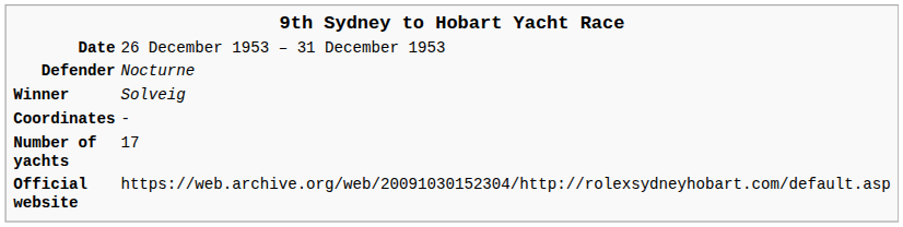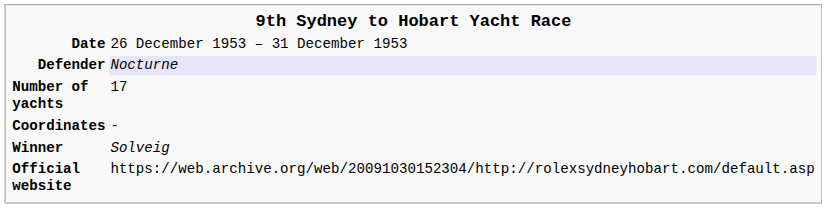 <table class="infobox" style="width: 23em; font-size: 90%">
 <tr>
 <th colspan="2" style="text-align: center; font-size: larger;"><strong>9th Sydney to Hobart Yacht Race</strong></th>
 </tr>
 <tr>
 <td style="text-align: right;"><strong>Date</strong></td>
 <td>26 December 1953 – 31 December 1953</td>
 </tr>
 <tr>
 <td style="text-align: right;"><strong>Defender</strong></td>
-<td><em>Nocturne</em></td>
+<td style="background: lavender;"><em>Nocturne</em></td>
+</tr>
+<tr>
+<td><strong>Number of yachts</strong></td>
+<td>17</td>
+</tr>
+<tr>
+<td><strong>Coordinates</strong></td>
+<td>-<br></td>
 </tr>
 <tr>
 <td><strong>Winner</strong></td>
 <td><em>Solveig</em></td>
 </tr>
 <tr>
-<td><strong>Coordinates</strong></td>
-<td>-<br></td>
-</tr>
-<tr>
-<td><strong>Number of yachts</strong></td>
-<td>17</td>
-</tr>
-<tr>
 <td><strong>Official website</strong></td>
 <td>https://web.archive.org/web/20091030152304/http://rolexsydneyhobart.com/default.asp</td>
 </tr>
 </table>
